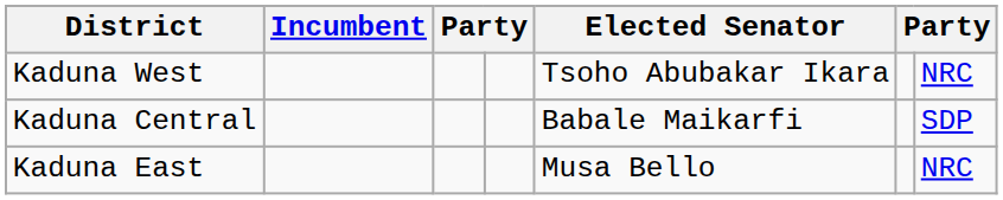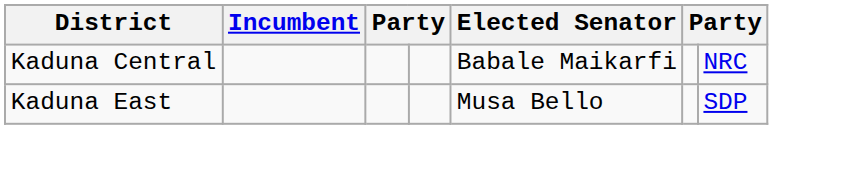 <table class="sortable wikitable" style="font-size:95%;line-height:14px;">
 <tr>
 <th class="unsortable">District</th>
 <th class="unsortable"><a href='#'>Incumbent</a></th>
 <th colspan="2">Party</th>
 <th class="unsortable">Elected Senator</th>
 <th colspan="2">Party</th>
 </tr>
 <tr>
-<td>Kaduna West</td>
-<td></td>
-<td></td>
-<td></td>
-<td>Tsoho Abubakar Ikara</td>
-<td style="background:"></td>
-<td><a href='#'>NRC</a></td>
-</tr>
-<tr>
 <td>Kaduna Central</td>
 <td></td>
 <td></td>
 <td></td>
 <td>Babale Maikarfi</td>
 <td style="background:"></td>
-<td><a href='#'>SDP</a></td>
+<td><a href='#'>NRC</a></td>
 </tr>
 <tr>
 <td>Kaduna East</td>
 <td></td>
 <td></td>
 <td></td>
 <td>Musa Bello</td>
 <td style="background:"></td>
-<td><a href='#'>NRC</a></td>
+<td><a href='#'>SDP</a></td>
 </tr>
 </table>
